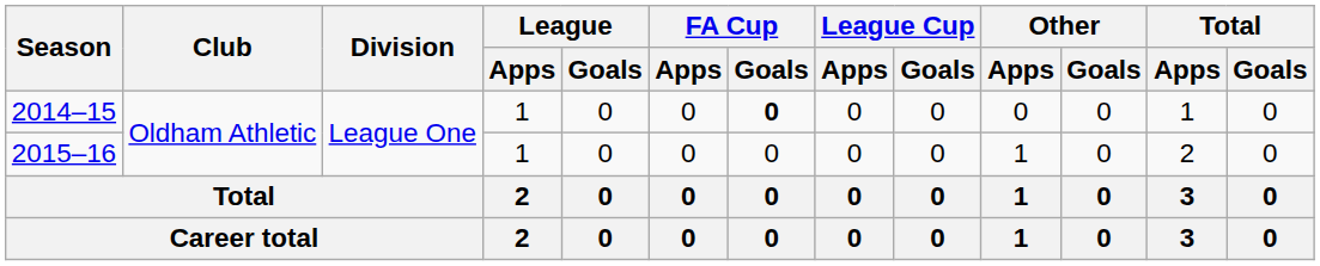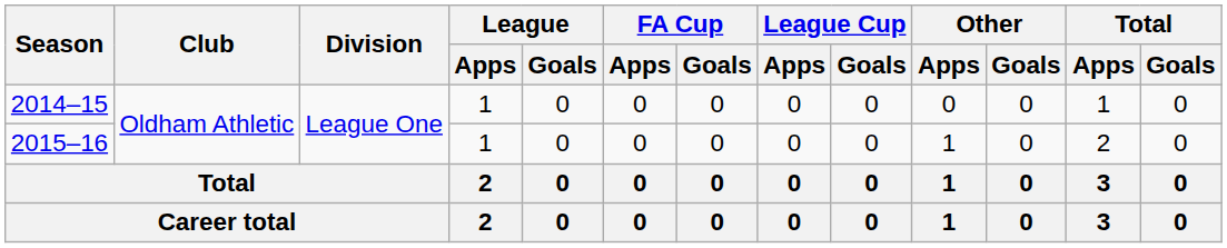 <table class="wikitable" style="text-align:center;">
 <tr>
 <th rowspan="2">Season</th>
 <th rowspan="2">Club</th>
 <th rowspan="2">Division</th>
 <th colspan="2">League</th>
 <th colspan="2"><a href='#'>FA Cup</a></th>
 <th colspan="2"><a href='#'>League Cup</a></th>
 <th colspan="2">Other</th>
 <th colspan="2">Total</th>
 </tr>
 <tr>
 <th>Apps</th>
 <th>Goals</th>
 <th>Apps</th>
 <th>Goals</th>
 <th>Apps</th>
 <th>Goals</th>
 <th>Apps</th>
 <th>Goals</th>
 <th>Apps</th>
 <th>Goals</th>
 </tr>
 <tr>
 <td><a href='#'>2014–15</a></td>
 <td rowspan=2><a href='#'>Oldham Athletic</a></td>
 <td rowspan=2><a href='#'>League One</a></td>
 <td>1</td>
 <td>0</td>
 <td>0</td>
-<td><strong>0</strong></td>
+<td>0</td>
 <td>0</td>
 <td>0</td>
 <td>0</td>
 <td>0</td>
 <td>1</td>
 <td>0</td>
 </tr>
 <tr>
 <td><a href='#'>2015–16</a></td>
 <td>1</td>
 <td>0</td>
 <td>0</td>
 <td>0</td>
 <td>0</td>
 <td>0</td>
 <td>1</td>
 <td>0</td>
 <td>2</td>
 <td>0</td>
 </tr>
 <tr>
 <th colspan="3">Total</th>
 <th>2</th>
 <th>0</th>
 <th>0</th>
 <th>0</th>
 <th>0</th>
 <th>0</th>
 <th>1</th>
 <th>0</th>
 <th>3</th>
 <th>0</th>
 </tr>
 <tr>
 <th colspan="3">Career total</th>
 <th>2</th>
 <th>0</th>
 <th>0</th>
 <th>0</th>
 <th>0</th>
 <th>0</th>
 <th>1</th>
 <th>0</th>
 <th>3</th>
 <th>0</th>
 </tr>
 </table>
